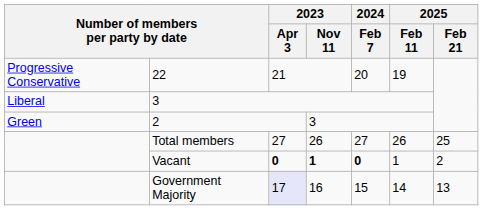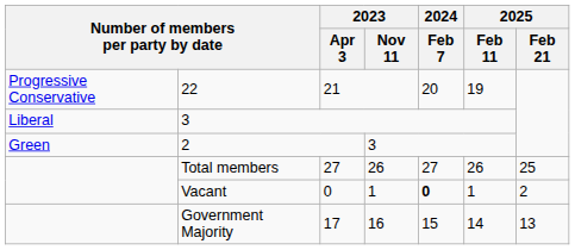 <table class="wikitable">
 <tr>
 <th colspan=2 rowspan=2>Number of members<br>per party by date</th>
 <th colspan=2>2023</th>
 <th>2024</th>
 <th colspan=2>2025</th>
 </tr>
 <tr>
 <th>Apr 3</th>
 <th>Nov 11</th>
 <th>Feb 7</th>
 <th>Feb 11</th>
 <th>Feb 21</th>
 </tr>
 <tr>
 <td><a href='#'>Progressive Conservative</a></td>
 <td>22</td>
 <td colspan="2">21</td>
 <td>20</td>
 <td>19</td>
 </tr>
 <tr>
 <td><a href='#'>Liberal</a></td>
 <td colspan="5">3</td>
 </tr>
 <tr>
 <td><a href='#'>Green</a></td>
 <td colspan="2">2</td>
 <td colspan="3">3</td>
 </tr>
 <tr>
 <td rowspan=2></td>
 <td>Total members</td>
 <td>27</td>
 <td>26</td>
 <td>27</td>
 <td>26</td>
 <td>25</td>
 </tr>
 <tr>
 <td>Vacant</td>
-<td><strong>0</strong></td>
-<td><strong>1</strong></td>
+<td>0</td>
+<td>1</td>
 <td><strong>0</strong></td>
 <td>1</td>
 <td>2</td>
 </tr>
 <tr>
 <td></td>
 <td>Government Majority</td>
-<td style="background: lavender;">17</td>
+<td>17</td>
 <td>16</td>
 <td>15</td>
 <td>14</td>
 <td>13</td>
 </tr>
 </table>
